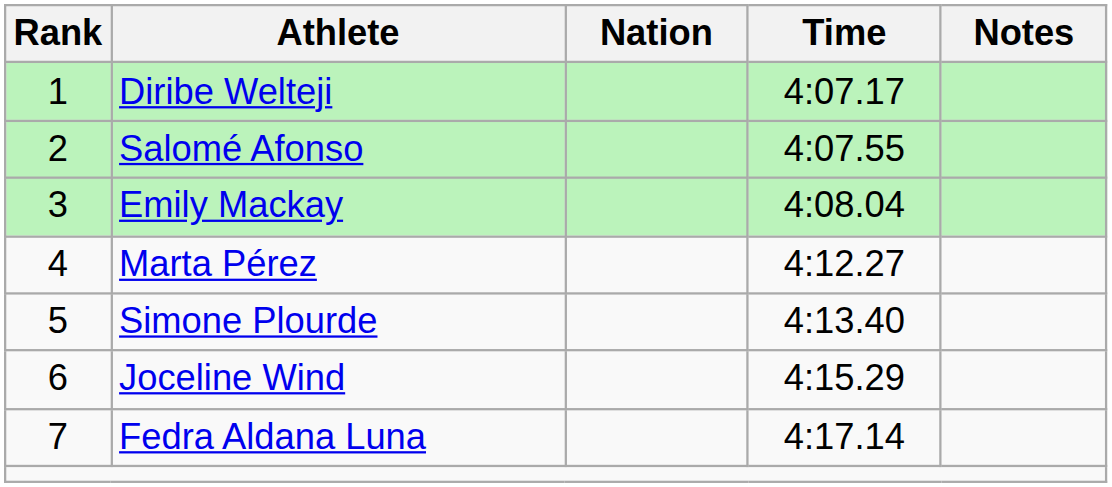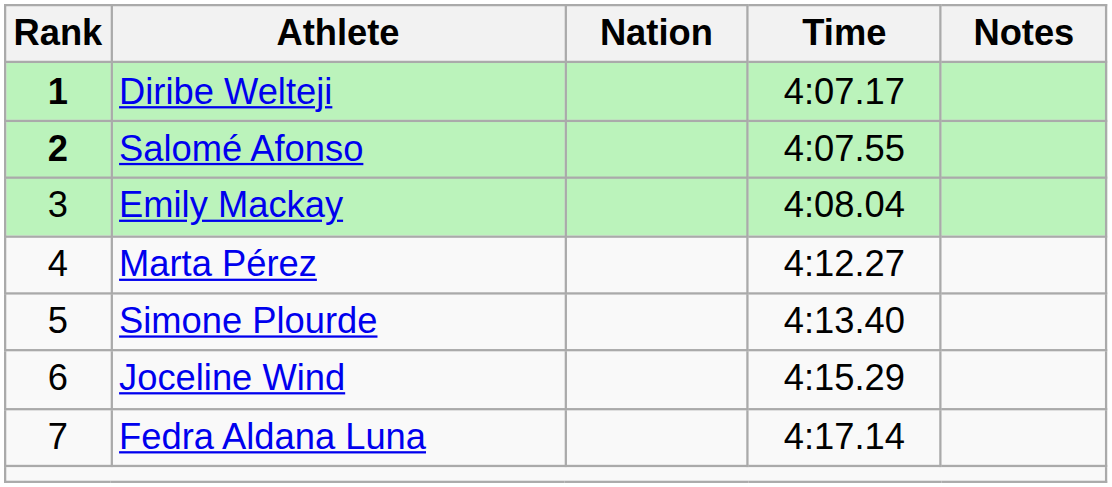 <table class="wikitable sortable" style="text-align:center;width: 55%;">
 <tr>
 <th scope="col" style="width: 10px;">Rank</th>
 <th scope="col">Athlete</th>
 <th scope="col">Nation</th>
 <th scope="col">Time</th>
 <th scope="col">Notes</th>
 </tr>
 <tr bgcolor=bbf3bb>
-<td>1</td>
+<td><strong>1</strong></td>
 <td align=left><a href='#'>Diribe Welteji</a></td>
 <td align=left></td>
 <td>4:07.17</td>
 <td></td>
 </tr>
 <tr bgcolor=bbf3bb>
-<td>2</td>
+<td><strong>2</strong></td>
 <td align=left><a href='#'>Salomé Afonso</a></td>
 <td align=left></td>
 <td>4:07.55</td>
 <td></td>
 </tr>
 <tr bgcolor=bbf3bb>
 <td>3</td>
 <td align=left><a href='#'>Emily Mackay</a></td>
 <td align=left></td>
 <td>4:08.04</td>
 <td></td>
 </tr>
 <tr>
 <td>4</td>
 <td align=left><a href='#'>Marta Pérez</a></td>
 <td align=left></td>
 <td>4:12.27</td>
 <td></td>
 </tr>
 <tr>
 <td>5</td>
 <td align=left><a href='#'>Simone Plourde</a></td>
 <td align=left></td>
 <td>4:13.40</td>
 <td></td>
 </tr>
 <tr>
 <td>6</td>
 <td align=left><a href='#'>Joceline Wind</a></td>
 <td align=left></td>
 <td>4:15.29</td>
 <td></td>
 </tr>
 <tr>
 <td>7</td>
 <td align=left><a href='#'>Fedra Aldana Luna</a></td>
 <td align=left></td>
 <td>4:17.14</td>
 <td></td>
 </tr>
 <tr class="sortbottom">
 <td colspan="5"></td>
 </tr>
 </table>
